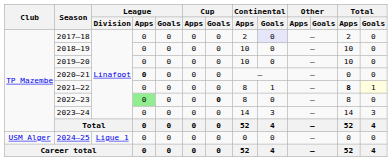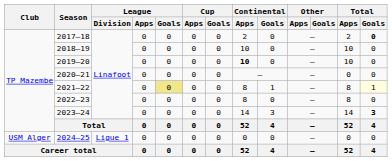 <table class="wikitable" style="text-align: center;">
 <tr>
 <th rowspan="2">Club</th>
 <th rowspan="2">Season</th>
 <th colspan="3">League</th>
 <th colspan="2">Cup</th>
 <th colspan="2">Continental</th>
 <th colspan="2">Other</th>
 <th colspan="2">Total</th>
 </tr>
 <tr>
 <th>Division</th>
 <th>Apps</th>
 <th>Goals</th>
 <th>Apps</th>
 <th>Goals</th>
 <th>Apps</th>
 <th>Goals</th>
 <th>Apps</th>
 <th>Goals</th>
 <th>Apps</th>
 <th>Goals</th>
 </tr>
 <tr>
 <td rowspan=8><a href='#'>TP Mazembe</a></td>
 <td>2017–18</td>
 <td rowspan=7><a href='#'>Linafoot</a></td>
 <td>0</td>
 <td>0</td>
 <td>0</td>
 <td>0</td>
 <td>2</td>
-<td style="background: lavender;">0</td>
+<td>0</td>
 <td colspan=2>—</td>
 <td>2</td>
-<td>0</td>
+<td><strong>0</strong></td>
 </tr>
 <tr>
 <td>2018–19</td>
 <td>0</td>
 <td>0</td>
 <td>0</td>
 <td>0</td>
 <td>10</td>
 <td>0</td>
 <td colspan=2>—</td>
 <td>10</td>
 <td>0</td>
 </tr>
 <tr>
 <td>2019–20</td>
 <td>0</td>
 <td>0</td>
 <td>0</td>
 <td>0</td>
-<td>10</td>
+<td><strong>10</strong></td>
 <td>0</td>
 <td colspan=2>—</td>
 <td>10</td>
 <td>0</td>
 </tr>
 <tr>
 <td>2020–21</td>
-<td><strong>0</strong></td>
+<td>0</td>
 <td>0</td>
 <td>0</td>
 <td>0</td>
 <td colspan=2>—</td>
 <td colspan=2>—</td>
 <td>0</td>
 <td>0</td>
 </tr>
 <tr>
 <td>2021–22</td>
 <td>0</td>
-<td>0</td>
+<td style="background: khaki;">0</td>
 <td>0</td>
 <td>0</td>
 <td>8</td>
 <td>1</td>
 <td colspan=2>—</td>
-<td><strong>8</strong></td>
+<td>8</td>
 <td style="background: lightyellow;">1</td>
 </tr>
 <tr>
 <td>2022–23</td>
-<td style="background: lightgreen;">0</td>
 <td>0</td>
 <td>0</td>
-<td><strong>0</strong></td>
+<td>0</td>
+<td>0</td>
 <td>8</td>
 <td>0</td>
 <td colspan=2>—</td>
 <td>8</td>
 <td>0</td>
 </tr>
 <tr>
 <td>2023–24</td>
 <td>0</td>
 <td>0</td>
 <td>0</td>
 <td>0</td>
 <td>14</td>
 <td>3</td>
 <td colspan=2>—</td>
 <td>14</td>
-<td>3</td>
+<td><strong>3</strong></td>
 </tr>
 <tr>
 <th colspan="2">Total</th>
 <th>0</th>
 <th>0</th>
 <th>0</th>
 <th>0</th>
 <th>52</th>
 <th>4</th>
 <th colspan=2>—</th>
 <th>52</th>
 <th>4</th>
 </tr>
 <tr>
 <td><a href='#'>USM Alger</a></td>
 <td><a href='#'>2024–25</a></td>
 <td><a href='#'>Ligue 1</a></td>
 <td>0</td>
 <td>0</td>
 <td>0</td>
 <td>0</td>
 <td>0</td>
 <td>0</td>
 <td colspan=2>—</td>
 <td>0</td>
 <td>0</td>
 </tr>
 <tr>
 <th colspan="3">Career total</th>
 <th>0</th>
 <th>0</th>
 <th>0</th>
 <th>0</th>
 <th>52</th>
 <th>4</th>
 <th colspan=2>—</th>
 <th>52</th>
 <th>4</th>
 </tr>
 </table>
